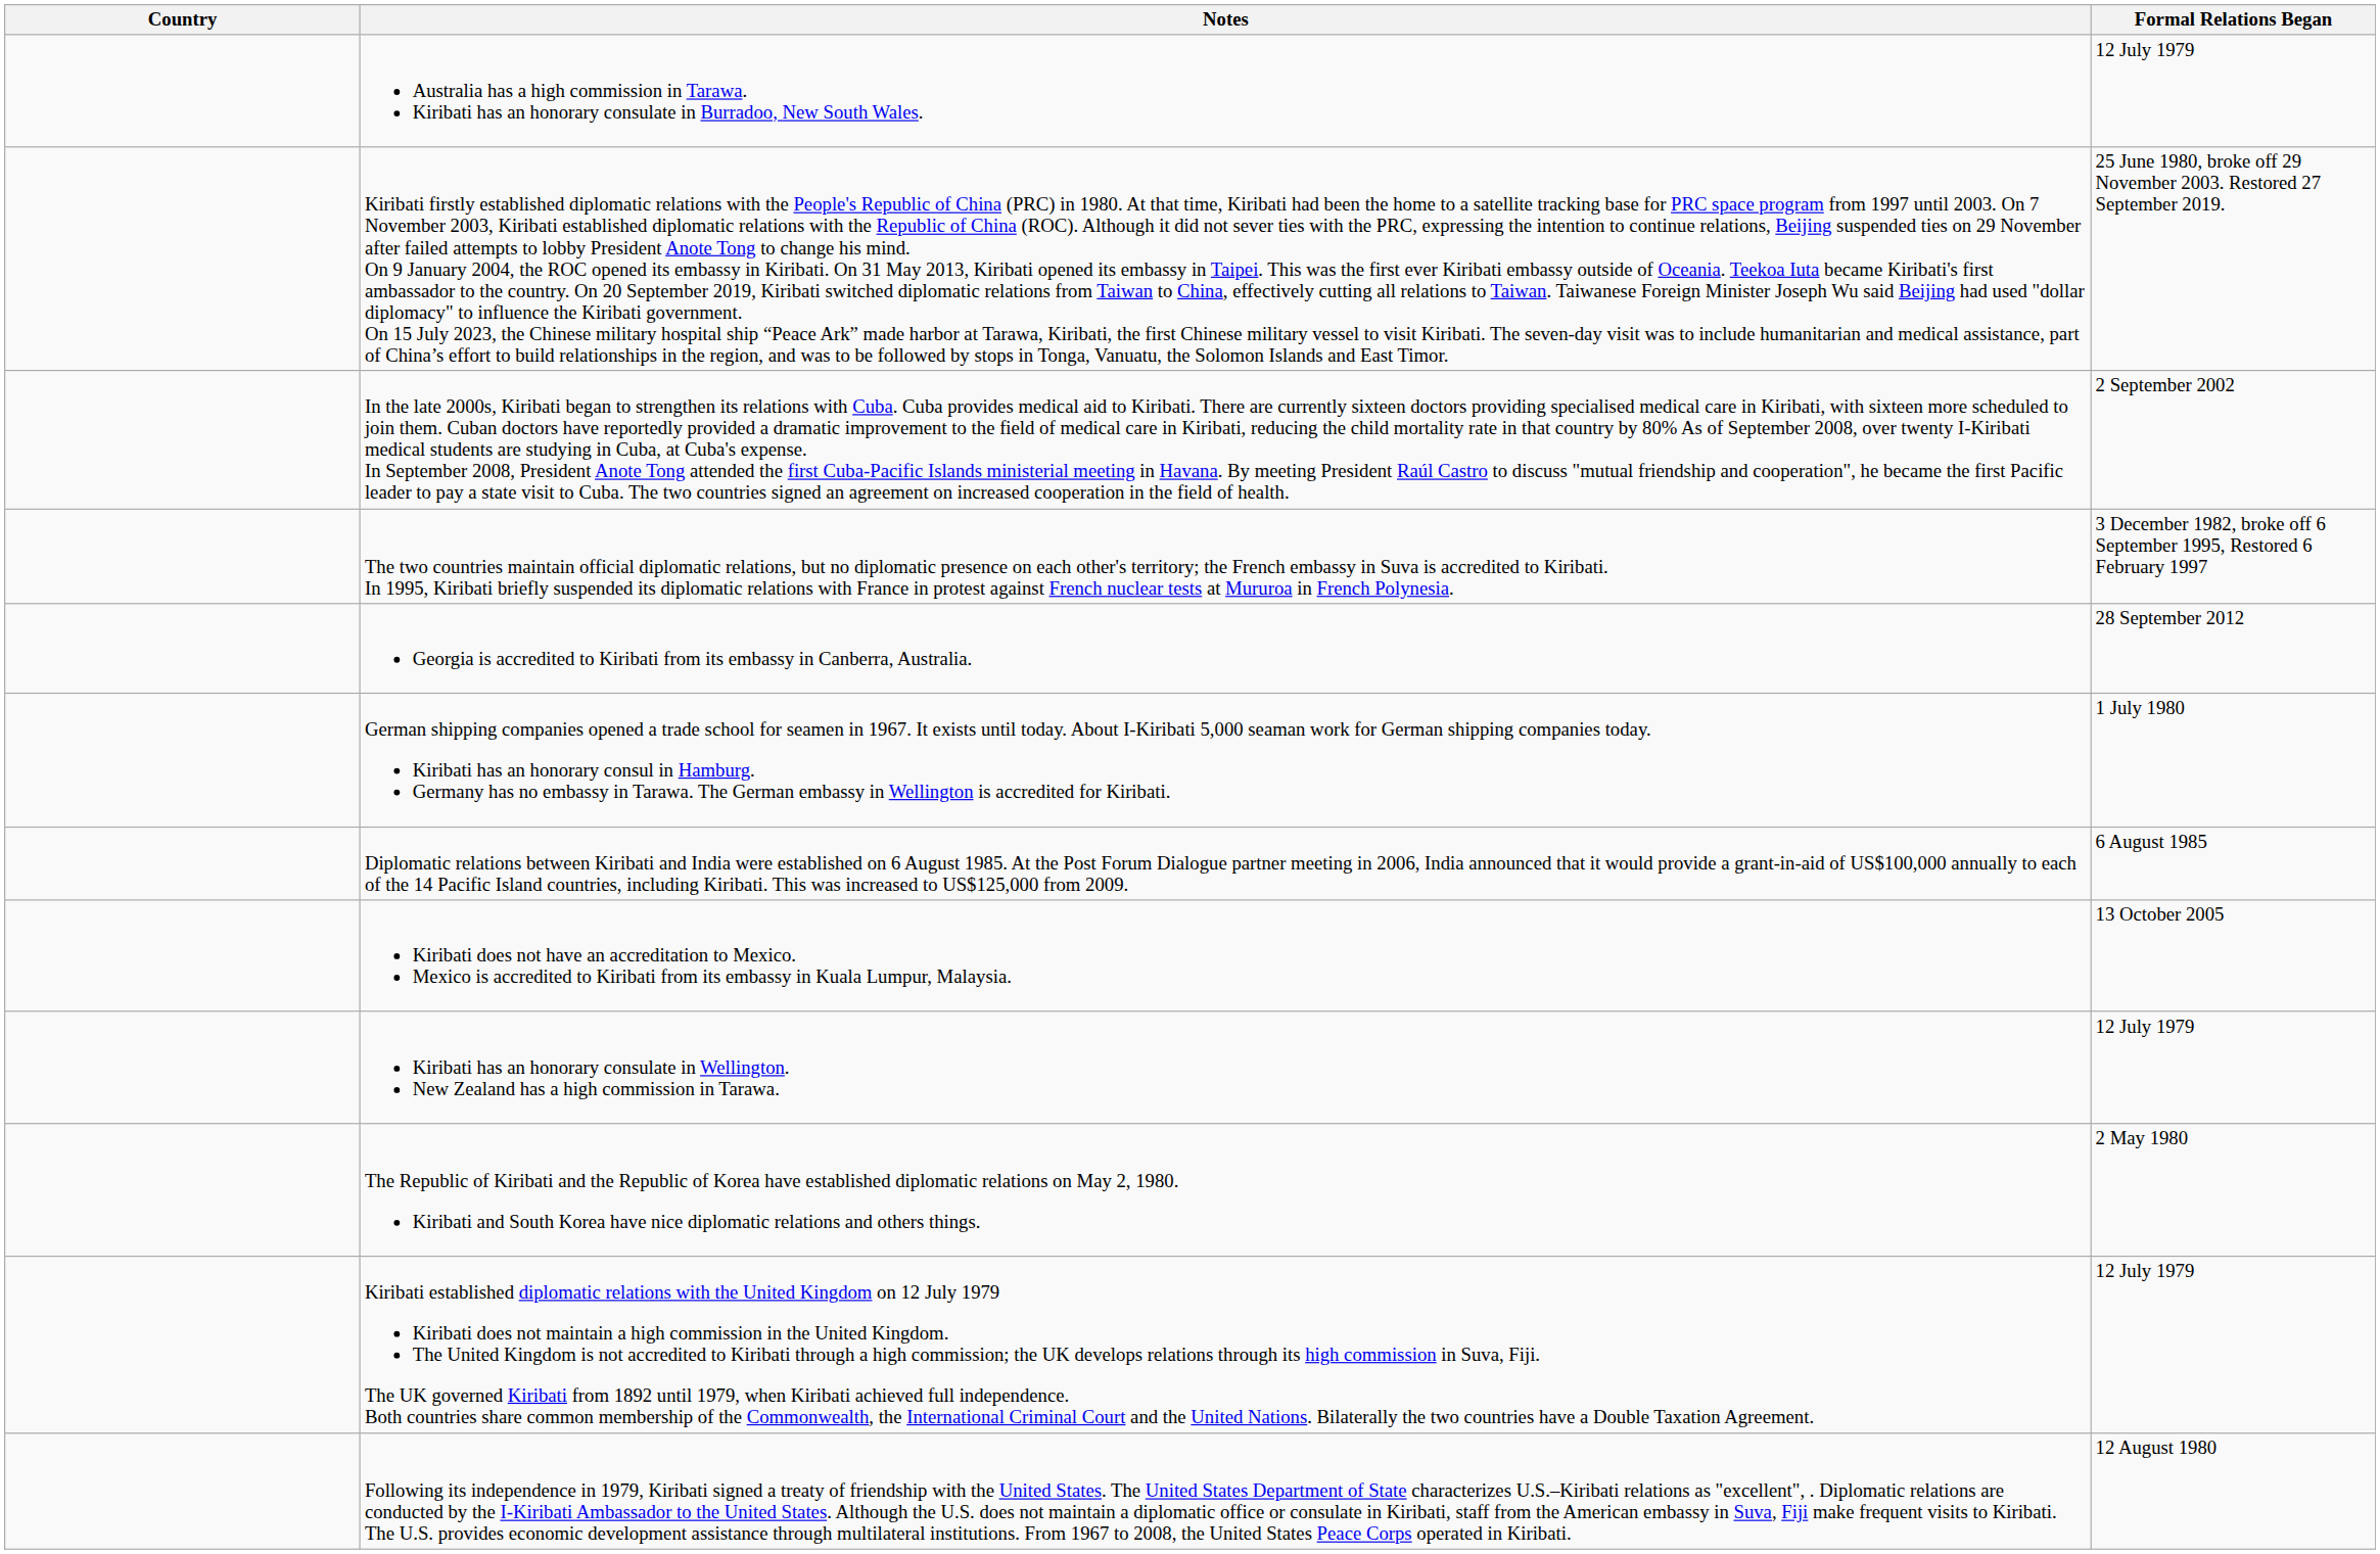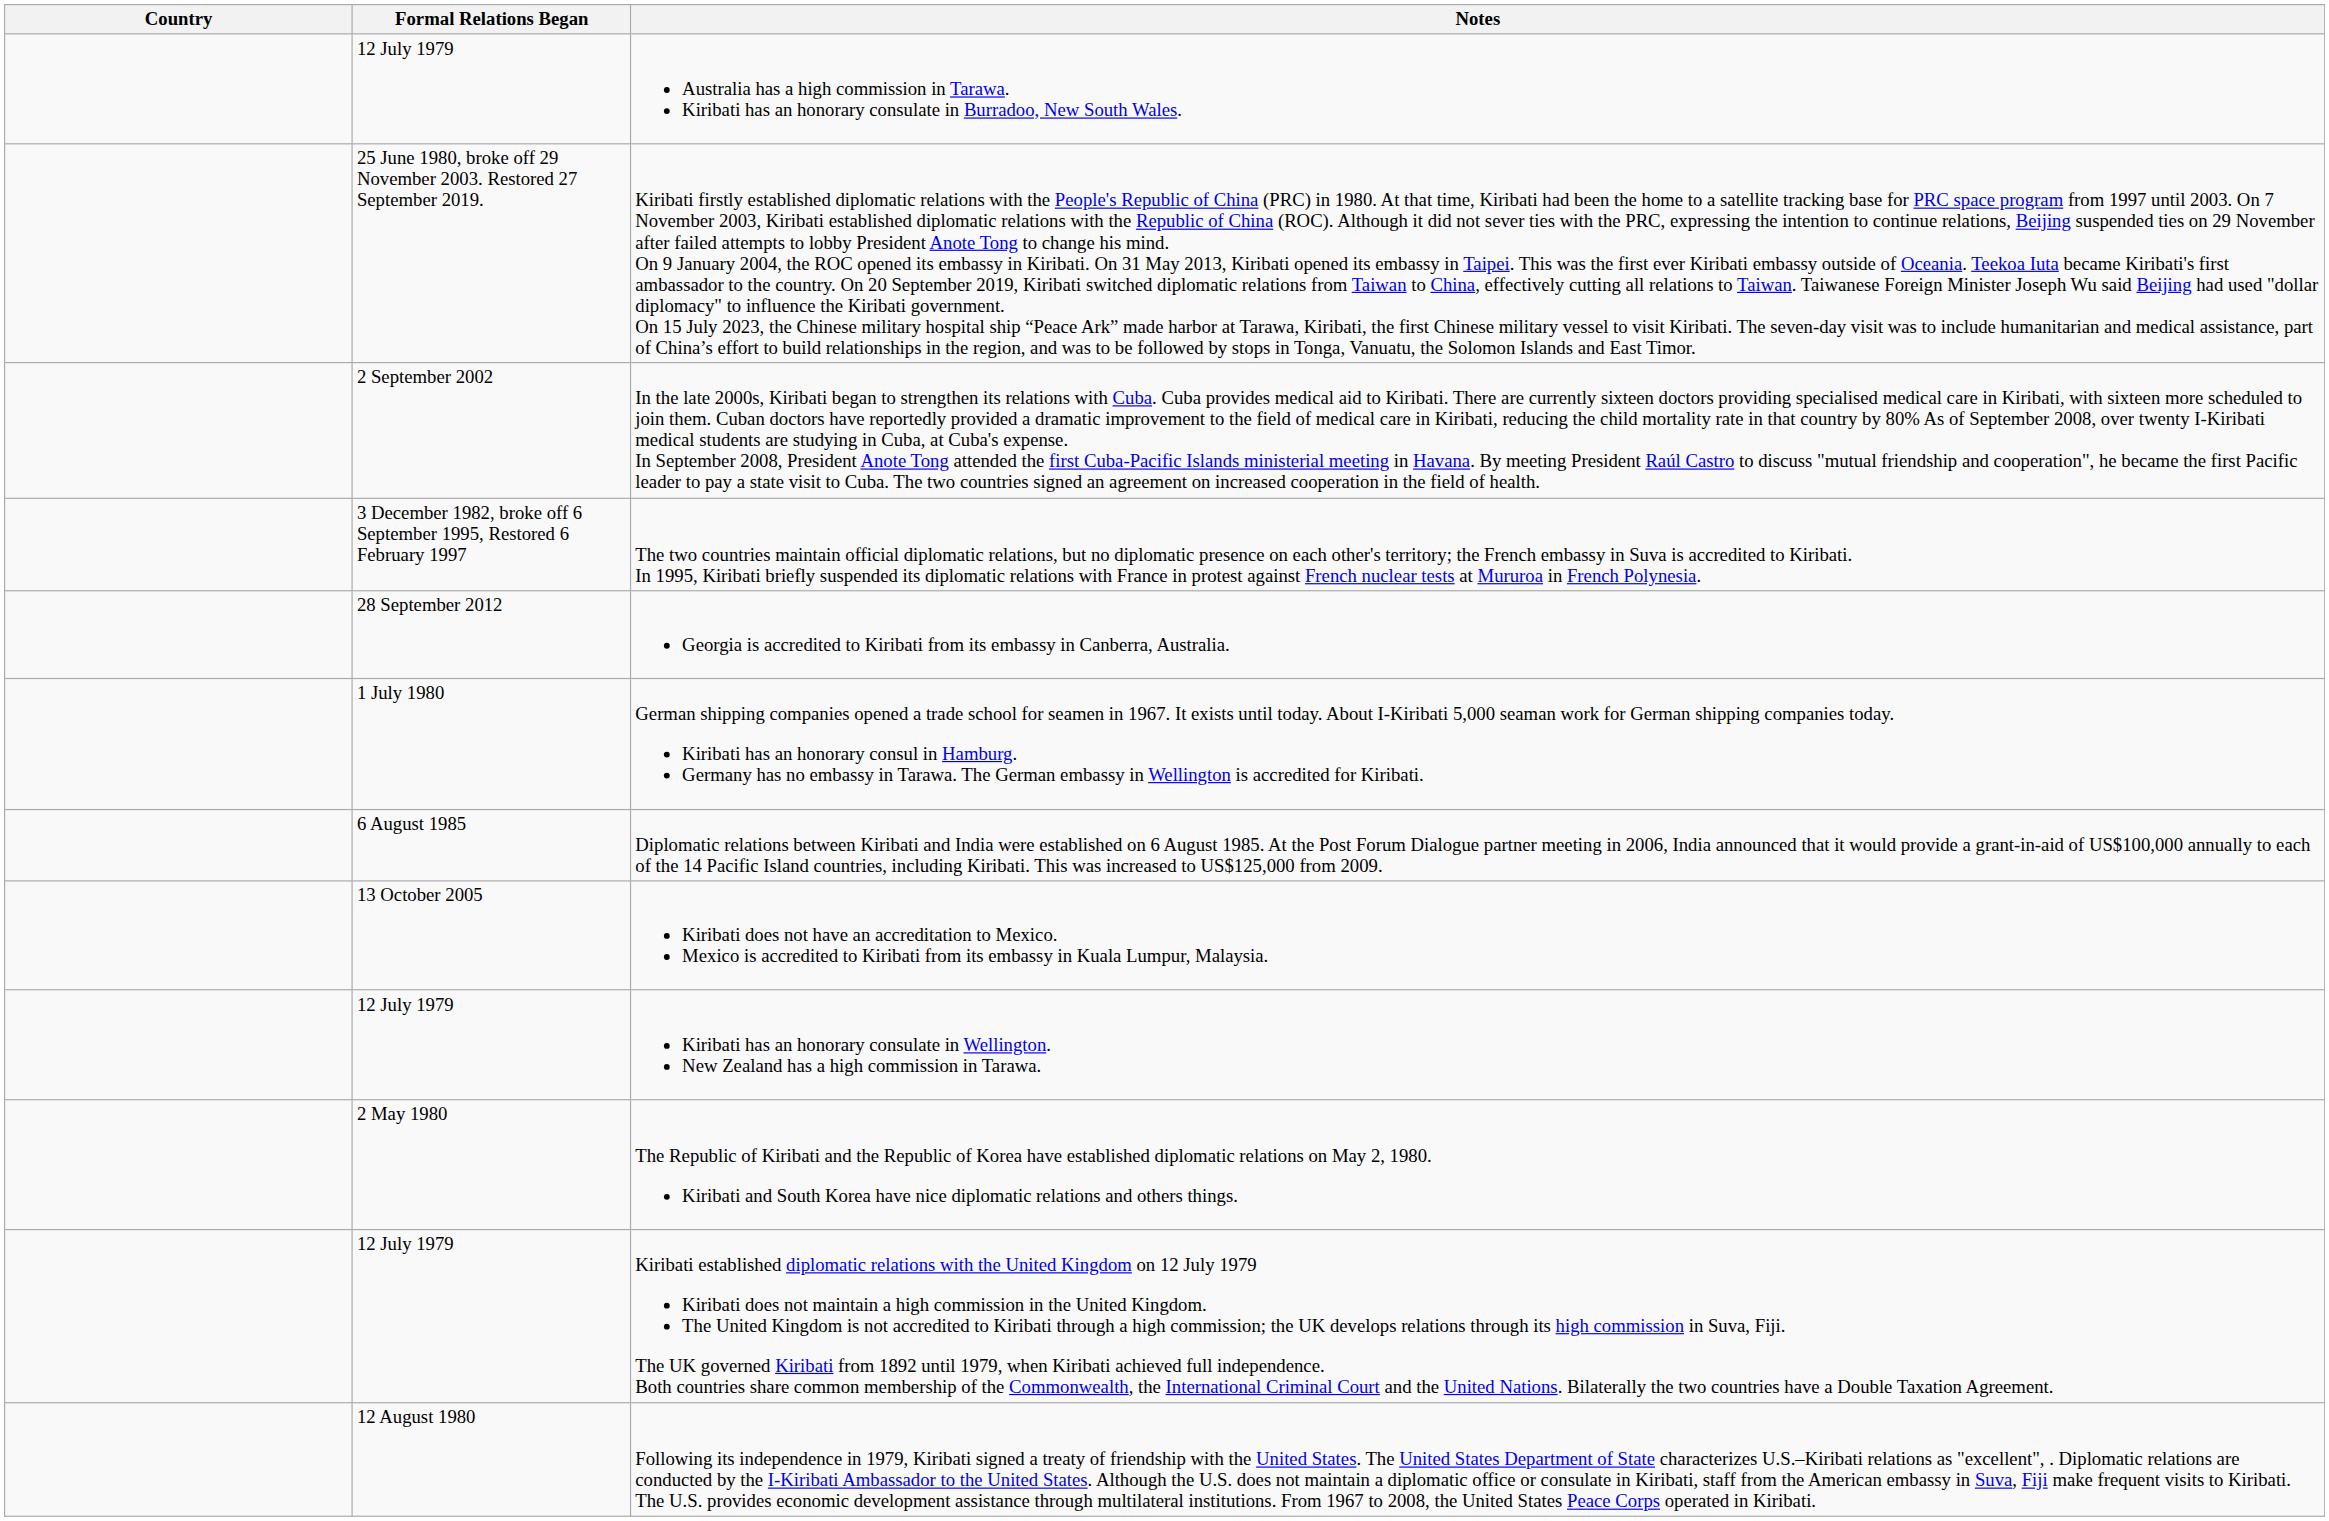 <table class="wikitable sortable" style="width:100%; margin:auto;">
 <tr>
 <th style="width:15%;">Country</th>
+<th style="width:12%;">Formal Relations Began</th>
 <th>Notes</th>
-<th style="width:12%;">Formal Relations Began</th>
 </tr>
 <tr valign="top">
 <td></td>
+<td>12 July 1979</td>
 <td><br><ul><li>Australia has a high commission in <a href='#'>Tarawa</a>.</li><li>Kiribati has an honorary consulate in <a href='#'>Burradoo, New South Wales</a>.</li></ul></td>
-<td>12 July 1979</td>
 </tr>
 <tr valign="top">
 <td></td>
+<td>25 June 1980, broke off 29 November 2003. Restored 27 September 2019.</td>
 <td><br> <br>Kiribati firstly established diplomatic relations with the <a href='#'>People's Republic of China</a> (PRC) in 1980. At that time, Kiribati had been the home to a satellite tracking base for <a href='#'>PRC space program</a> from 1997 until 2003. On 7 November 2003, Kiribati established diplomatic relations with the <a href='#'>Republic of China</a> (ROC). Although it did not sever ties with the PRC, expressing the intention to continue relations, <a href='#'>Beijing</a> suspended ties on 29 November after failed attempts to lobby President <a href='#'>Anote Tong</a> to change his mind.<br>On 9 January 2004, the ROC opened its embassy in Kiribati. On 31 May 2013, Kiribati opened its embassy in <a href='#'>Taipei</a>. This was the first ever Kiribati embassy outside of <a href='#'>Oceania</a>. <a href='#'>Teekoa Iuta</a> became Kiribati's first ambassador to the country. On 20 September 2019, Kiribati switched diplomatic relations from <a href='#'>Taiwan</a> to <a href='#'>China</a>, effectively cutting all relations to <a href='#'>Taiwan</a>. Taiwanese Foreign Minister Joseph Wu said <a href='#'>Beijing</a> had used "dollar diplomacy" to influence the Kiribati government.<br>On 15 July 2023, the Chinese military hospital ship “Peace Ark” made harbor at Tarawa, Kiribati, the first Chinese military vessel to visit Kiribati. The seven-day visit was to include humanitarian and medical assistance, part of China’s effort to build relationships in the region, and was to be followed by stops in Tonga, Vanuatu, the Solomon Islands and East Timor.</td>
-<td>25 June 1980, broke off 29 November 2003. Restored 27 September 2019.</td>
 </tr>
 <tr valign="top">
 <td></td>
+<td>2 September 2002</td>
 <td><br> In the late 2000s, Kiribati began to strengthen its relations with <a href='#'>Cuba</a>. Cuba provides medical aid to Kiribati. There are currently sixteen doctors providing specialised medical care in Kiribati, with sixteen more scheduled to join them. Cuban doctors have reportedly provided a dramatic improvement to the field of medical care in Kiribati, reducing the child mortality rate in that country by 80% As of September 2008, over twenty I-Kiribati medical students are studying in Cuba, at Cuba's expense.<br>In September 2008, President <a href='#'>Anote Tong</a> attended the <a href='#'>first Cuba-Pacific Islands ministerial meeting</a> in <a href='#'>Havana</a>. By meeting President <a href='#'>Raúl Castro</a> to discuss "mutual friendship and cooperation", he became the first Pacific leader to pay a state visit to Cuba. The two countries signed an agreement on increased cooperation in the field of health.</td>
-<td>2 September 2002</td>
 </tr>
 <tr valign="top">
 <td></td>
+<td>3 December 1982, broke off 6 September 1995, Restored 6 February 1997</td>
 <td><br><br>The two countries maintain official diplomatic relations, but no diplomatic presence on each other's territory; the French embassy in Suva is accredited to Kiribati.<br>In 1995, Kiribati briefly suspended its diplomatic relations with France in protest against <a href='#'>French nuclear tests</a> at <a href='#'>Mururoa</a> in <a href='#'>French Polynesia</a>.</td>
-<td>3 December 1982, broke off 6 September 1995, Restored 6 February 1997</td>
 </tr>
 <tr valign="top">
 <td></td>
+<td>28 September 2012</td>
 <td><br><ul><li>Georgia is accredited to Kiribati from its embassy in Canberra, Australia.</li></ul></td>
-<td>28 September 2012</td>
 </tr>
 <tr valign="top">
 <td></td>
+<td>1 July 1980</td>
 <td><br>German shipping companies opened a trade school for seamen in 1967. It exists until today. About I-Kiribati 5,000 seaman work for German shipping companies today.<ul><li>Kiribati has an honorary consul in <a href='#'>Hamburg</a>.</li><li>Germany has no embassy in Tarawa. The German embassy in <a href='#'>Wellington</a> is accredited for Kiribati.</li></ul></td>
-<td>1 July 1980</td>
 </tr>
 <tr valign="top">
 <td></td>
+<td>6 August 1985</td>
 <td><br>Diplomatic relations between Kiribati and India were established on 6 August 1985. At the Post Forum Dialogue partner meeting in 2006, India announced that it would provide a grant-in-aid of US$100,000 annually to each of the 14 Pacific Island countries, including Kiribati. This was increased to US$125,000 from 2009.</td>
-<td>6 August 1985</td>
 </tr>
 <tr valign="top">
 <td></td>
+<td>13 October 2005</td>
 <td><br><ul><li>Kiribati does not have an accreditation to Mexico.</li><li>Mexico is accredited to Kiribati from its embassy in Kuala Lumpur, Malaysia.</li></ul></td>
-<td>13 October 2005</td>
 </tr>
 <tr valign="top">
 <td></td>
+<td>12 July 1979</td>
 <td><br><ul><li>Kiribati has an honorary consulate in <a href='#'>Wellington</a>.</li><li>New Zealand has a high commission in Tarawa.</li></ul></td>
-<td>12 July 1979</td>
 </tr>
 <tr valign="top">
 <td></td>
+<td>2 May 1980</td>
 <td><br><br>The Republic of Kiribati and the Republic of Korea have established diplomatic relations on May 2, 1980.<ul><li>Kiribati and South Korea have nice diplomatic relations and others things.</li></ul></td>
-<td>2 May 1980</td>
 </tr>
 <tr valign="top">
 <td></td>
+<td>12 July 1979</td>
 <td><br>Kiribati established <a href='#'>diplomatic relations with the United Kingdom</a> on 12 July 1979<ul><li>Kiribati does not maintain a high commission in the United Kingdom.</li><li>The United Kingdom is not accredited to Kiribati through a high commission; the UK develops relations through its <a href='#'>high commission</a> in Suva, Fiji.</li></ul>The UK governed <a href='#'>Kiribati</a> from 1892 until 1979, when Kiribati achieved full independence.<br>Both countries share common membership of the <a href='#'>Commonwealth</a>, the <a href='#'>International Criminal Court</a> and the <a href='#'>United Nations</a>. Bilaterally the two countries have a Double Taxation Agreement.</td>
-<td>12 July 1979</td>
 </tr>
 <tr valign="top">
 <td></td>
+<td>12 August 1980</td>
 <td><br><br>Following its independence in 1979, Kiribati signed a treaty of friendship with the <a href='#'>United States</a>. The <a href='#'>United States Department of State</a> characterizes U.S.–Kiribati relations as "excellent", . Diplomatic relations are conducted by the <a href='#'>I-Kiribati Ambassador to the United States</a>. Although the U.S. does not maintain a diplomatic office or consulate in Kiribati, staff from the American embassy in <a href='#'>Suva</a>, <a href='#'>Fiji</a> make frequent visits to Kiribati. The U.S. provides economic development assistance through multilateral institutions. From 1967 to 2008, the United States <a href='#'>Peace Corps</a> operated in Kiribati.</td>
-<td>12 August 1980</td>
 </tr>
 </table>
